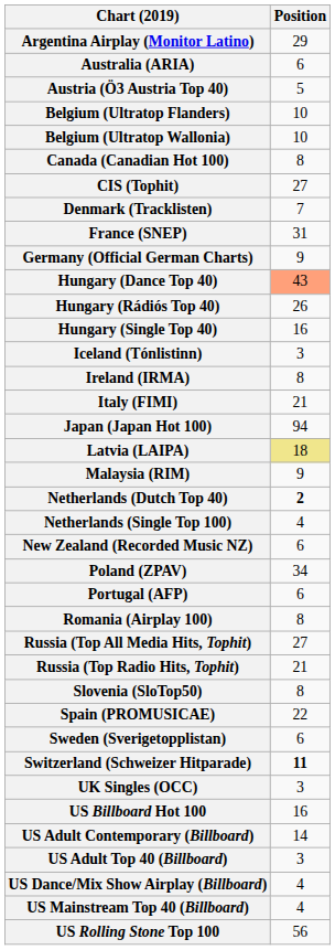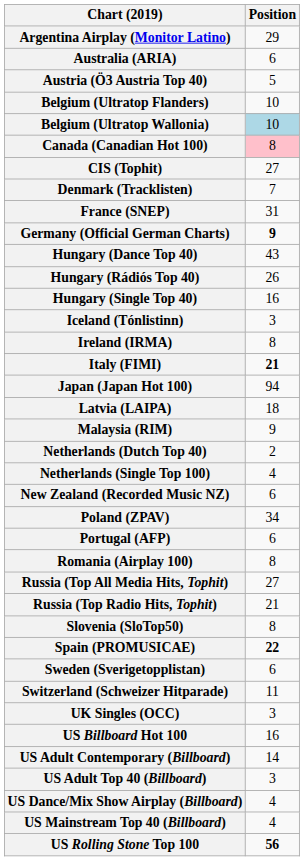 <table class="wikitable sortable plainrowheaders" style="text-align:center">
 <tr>
 <th scope="col">Chart (2019)</th>
 <th scope="col">Position</th>
 </tr>
 <tr>
 <th scope="row">Argentina Airplay (<a href='#'>Monitor Latino</a>)</th>
 <td>29</td>
 </tr>
 <tr>
 <th scope="row">Australia (ARIA)</th>
 <td>6</td>
 </tr>
 <tr>
 <th scope="row">Austria (Ö3 Austria Top 40)</th>
 <td>5</td>
 </tr>
 <tr>
 <th scope="row">Belgium (Ultratop Flanders)</th>
 <td>10</td>
 </tr>
 <tr>
 <th scope="row">Belgium (Ultratop Wallonia)</th>
-<td>10</td>
+<td style="background: lightblue;">10</td>
 </tr>
 <tr>
 <th scope="row">Canada (Canadian Hot 100)</th>
-<td>8</td>
+<td style="background: pink;">8</td>
 </tr>
 <tr>
 <th scope="row">CIS (Tophit)</th>
 <td>27</td>
 </tr>
 <tr>
 <th scope="row">Denmark (Tracklisten)</th>
 <td>7</td>
 </tr>
 <tr>
 <th scope="row">France (SNEP)</th>
 <td>31</td>
 </tr>
 <tr>
 <th scope="row">Germany (Official German Charts)</th>
-<td>9</td>
+<td><strong>9</strong></td>
 </tr>
 <tr>
 <th scope="row">Hungary (Dance Top 40)</th>
-<td style="background: lightsalmon;">43</td>
+<td>43</td>
 </tr>
 <tr>
 <th scope="row">Hungary (Rádiós Top 40)</th>
 <td>26</td>
 </tr>
 <tr>
 <th scope="row">Hungary (Single Top 40)</th>
 <td>16</td>
 </tr>
 <tr>
 <th scope="row">Iceland (Tónlistinn)</th>
 <td>3</td>
 </tr>
 <tr>
 <th scope="row">Ireland (IRMA)</th>
 <td>8</td>
 </tr>
 <tr>
 <th scope="row">Italy (FIMI)</th>
-<td>21</td>
+<td><strong>21</strong></td>
 </tr>
 <tr>
 <th scope="row">Japan (Japan Hot 100)</th>
 <td>94</td>
 </tr>
 <tr>
 <th scope="row">Latvia (LAIPA)</th>
-<td style="background: khaki;">18</td>
+<td>18</td>
 </tr>
 <tr>
 <th scope="row">Malaysia (RIM)</th>
 <td>9</td>
 </tr>
 <tr>
 <th scope="row">Netherlands (Dutch Top 40)</th>
-<td><strong>2</strong></td>
+<td>2</td>
 </tr>
 <tr>
 <th scope="row">Netherlands (Single Top 100)</th>
 <td>4</td>
 </tr>
 <tr>
 <th scope="row">New Zealand (Recorded Music NZ)</th>
 <td>6</td>
 </tr>
 <tr>
 <th scope="row">Poland (ZPAV)</th>
 <td>34</td>
 </tr>
 <tr>
 <th scope="row">Portugal (AFP)</th>
 <td>6</td>
 </tr>
 <tr>
 <th scope="row">Romania (Airplay 100)</th>
 <td>8</td>
 </tr>
 <tr>
 <th scope="row">Russia (Top All Media Hits, <em>Tophit</em>)</th>
 <td align=center>27</td>
 </tr>
 <tr>
 <th scope="row">Russia (Top Radio Hits, <em>Tophit</em>)</th>
 <td align=center>21</td>
 </tr>
 <tr>
 <th scope="row">Slovenia (SloTop50)</th>
 <td>8</td>
 </tr>
 <tr>
 <th scope="row">Spain (PROMUSICAE)</th>
-<td>22</td>
+<td><strong>22</strong></td>
 </tr>
 <tr>
 <th scope="row">Sweden (Sverigetopplistan)</th>
 <td>6</td>
 </tr>
 <tr>
 <th scope="row">Switzerland (Schweizer Hitparade)</th>
-<td><strong>11</strong></td>
+<td>11</td>
 </tr>
 <tr>
 <th scope="row">UK Singles (OCC)</th>
 <td>3</td>
 </tr>
 <tr>
 <th scope="row">US <em>Billboard</em> Hot 100</th>
 <td>16</td>
 </tr>
 <tr>
 <th scope="row">US Adult Contemporary (<em>Billboard</em>)</th>
 <td>14</td>
 </tr>
 <tr>
 <th scope="row">US Adult Top 40 (<em>Billboard</em>)</th>
 <td>3</td>
 </tr>
 <tr>
 <th scope="row">US Dance/Mix Show Airplay (<em>Billboard</em>)</th>
 <td>4</td>
 </tr>
 <tr>
 <th scope="row">US Mainstream Top 40 (<em>Billboard</em>)</th>
 <td>4</td>
 </tr>
 <tr>
 <th scope="row">US <em>Rolling Stone</em> Top 100</th>
-<td>56</td>
+<td><strong>56</strong></td>
 </tr>
 </table>
